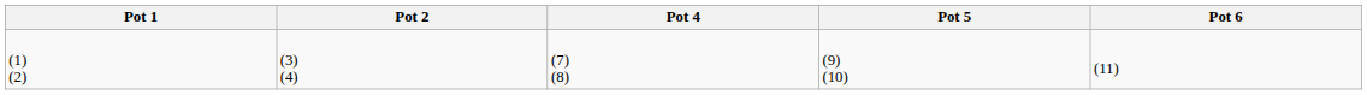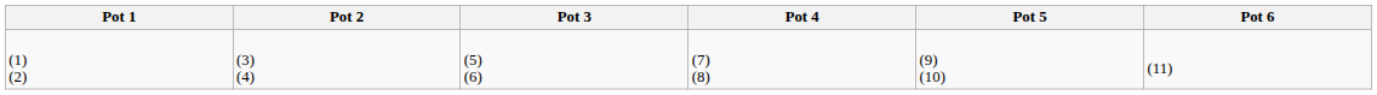 <table class="wikitable" style="width:89%;">
 <tr>
 <th width=16.66%>Pot 1</th>
 <th width=16.66%>Pot 2</th>
+<th width=16.67%>Pot 3</th>
 <th width=16.67%>Pot 4</th>
 <th width=16.67%>Pot 5</th>
 <th width=16.67%>Pot 6</th>
 </tr>
 <tr>
 <td><br> (1) <br>  (2)</td>
 <td><br> (3) <br>  (4) <br></td>
+<td><br> (5) <br>  (6) <br></td>
 <td><br> (7) <br>  (8) <br></td>
 <td><br> (9) <br>  (10) <br></td>
 <td><br> (11)<br></td>
 </tr>
 </table>
